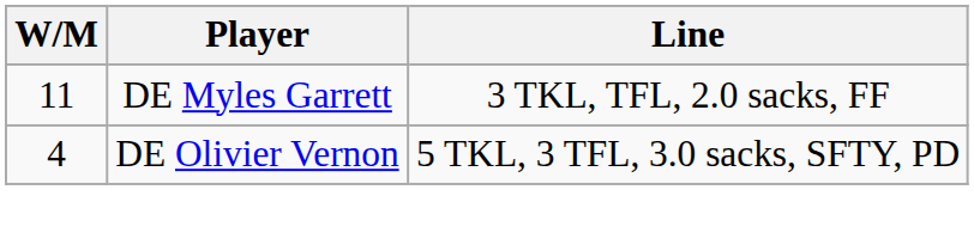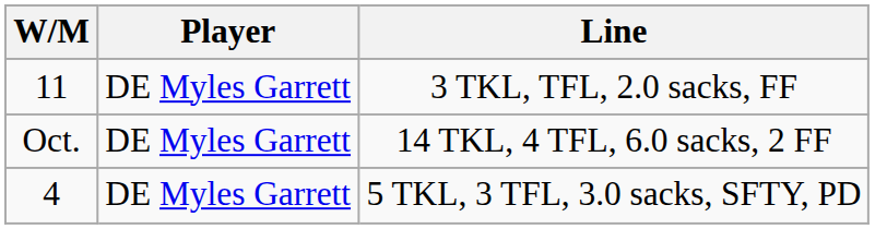 <table class="wikitable" style="text-align:center">
 <tr>
 <th>W/M</th>
 <th>Player</th>
 <th>Line</th>
 </tr>
 <tr>
 <td>11</td>
 <td>DE <a href='#'>Myles Garrett</a></td>
 <td>3 TKL, TFL, 2.0 sacks, FF</td>
 </tr>
 <tr>
+<td>Oct.</td>
+<td>DE <a href='#'>Myles Garrett</a></td>
+<td>14 TKL, 4 TFL, 6.0 sacks, 2 FF</td>
+</tr>
+<tr>
 <td>4</td>
-<td>DE <a href='#'>Olivier Vernon</a></td>
+<td>DE <a href='#'>Myles Garrett</a></td>
 <td>5 TKL, 3 TFL, 3.0 sacks, SFTY, PD</td>
 </tr>
 </table>
